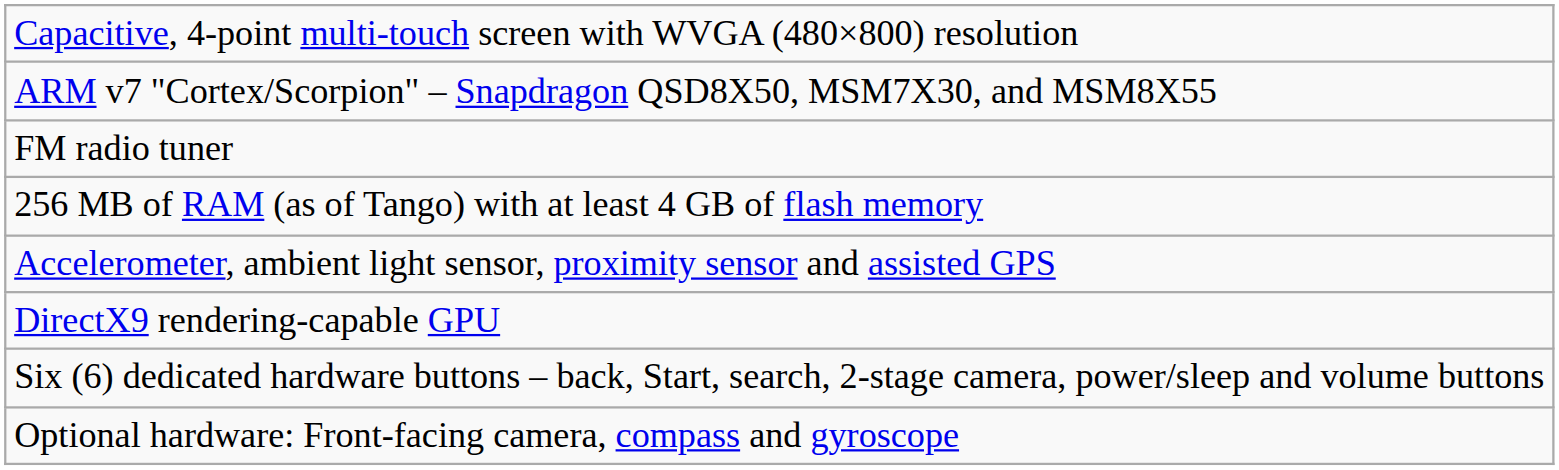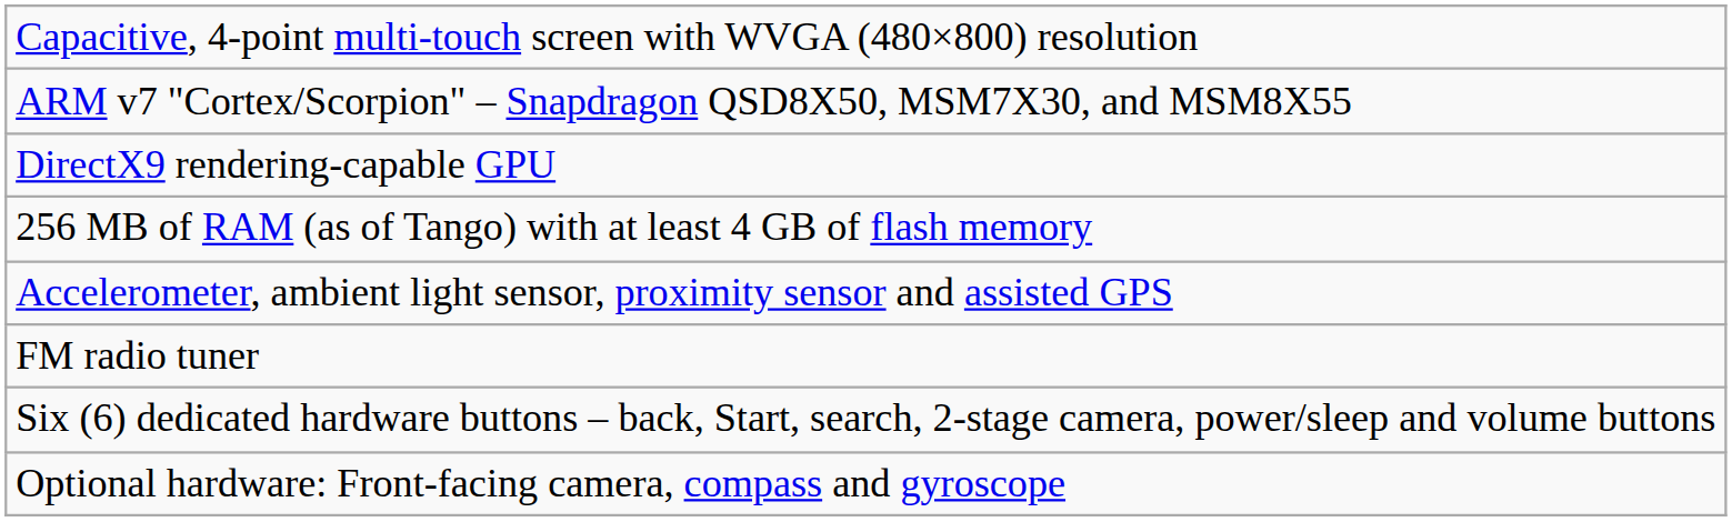 <table class="wikitable" style="margin:auto;">
 <tr>
 <td><a href='#'>Capacitive</a>, 4-point <a href='#'>multi-touch</a> screen with WVGA (480×800) resolution</td>
 </tr>
 <tr>
 <td><a href='#'>ARM</a> v7 "Cortex/Scorpion" – <a href='#'>Snapdragon</a> QSD8X50, MSM7X30, and MSM8X55</td>
 </tr>
 <tr>
-<td>FM radio tuner</td>
+<td><a href='#'>DirectX9</a> rendering-capable <a href='#'>GPU</a></td>
 </tr>
 <tr>
 <td>256 MB of <a href='#'>RAM</a> (as of Tango) with at least 4 GB of <a href='#'>flash memory</a></td>
 </tr>
 <tr>
 <td><a href='#'>Accelerometer</a>, ambient light sensor, <a href='#'>proximity sensor</a> and <a href='#'>assisted GPS</a></td>
 </tr>
 <tr>
-<td><a href='#'>DirectX9</a> rendering-capable <a href='#'>GPU</a></td>
+<td>FM radio tuner</td>
 </tr>
 <tr>
 <td>Six (6) dedicated hardware buttons – back, Start, search, 2-stage camera, power/sleep and volume buttons</td>
 </tr>
 <tr>
 <td>Optional hardware: Front-facing camera, <a href='#'>compass</a> and <a href='#'>gyroscope</a></td>
 </tr>
 </table>
